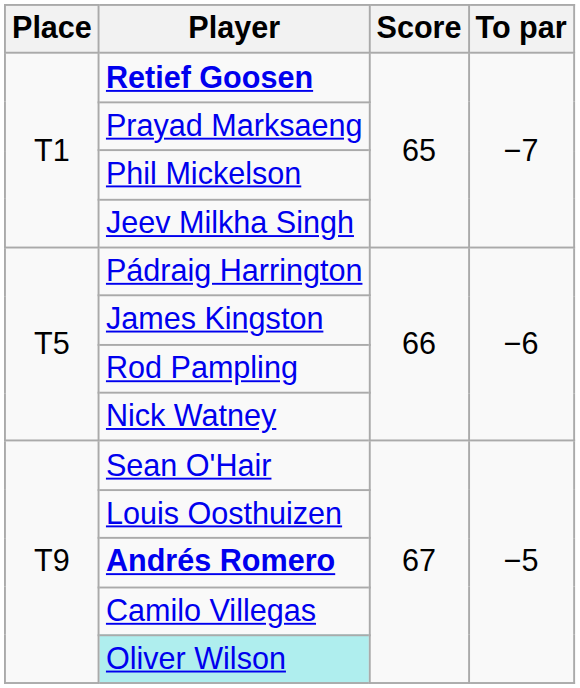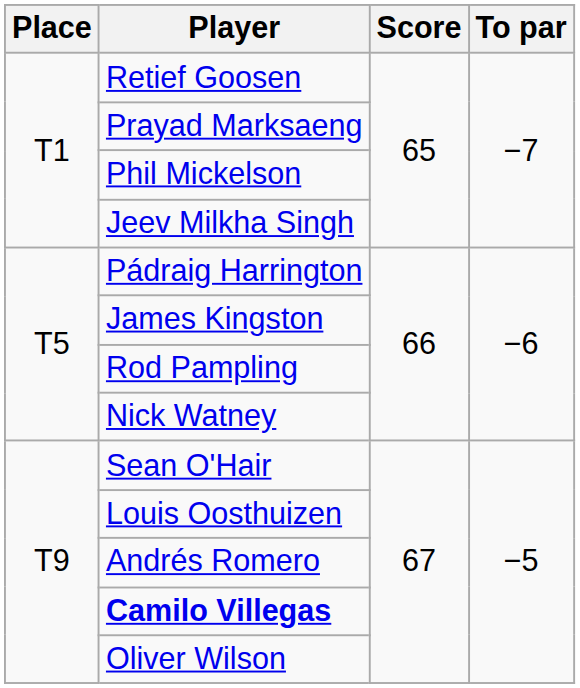 <table class="wikitable">
 <tr>
 <th>Place</th>
 <th>Player</th>
 <th>Score</th>
 <th>To par</th>
 </tr>
 <tr>
 <td rowspan="4" align=center>T1</td>
-<td><strong> <a href='#'>Retief Goosen</a></strong></td>
+<td> <a href='#'>Retief Goosen</a></td>
 <td rowspan="4" align=center>65</td>
 <td rowspan="4" align=center>−7</td>
 </tr>
 <tr>
 <td> <a href='#'>Prayad Marksaeng</a></td>
 </tr>
 <tr>
 <td> <a href='#'>Phil Mickelson</a></td>
 </tr>
 <tr>
 <td> <a href='#'>Jeev Milkha Singh</a></td>
 </tr>
 <tr>
 <td rowspan="4" align=center>T5</td>
 <td> <a href='#'>Pádraig Harrington</a></td>
 <td rowspan="4" align=center>66</td>
 <td rowspan="4" align=center>−6</td>
 </tr>
 <tr>
 <td> <a href='#'>James Kingston</a></td>
 </tr>
 <tr>
 <td> <a href='#'>Rod Pampling</a></td>
 </tr>
 <tr>
 <td> <a href='#'>Nick Watney</a></td>
 </tr>
 <tr>
 <td rowspan="5" align=center>T9</td>
 <td> <a href='#'>Sean O'Hair</a></td>
 <td rowspan="5" align=center>67</td>
 <td rowspan="5" align=center>−5</td>
 </tr>
 <tr>
 <td> <a href='#'>Louis Oosthuizen</a></td>
 </tr>
 <tr>
-<td><strong> <a href='#'>Andrés Romero</a></strong></td>
+<td> <a href='#'>Andrés Romero</a></td>
 </tr>
 <tr>
-<td> <a href='#'>Camilo Villegas</a></td>
+<td><strong> <a href='#'>Camilo Villegas</a></strong></td>
 </tr>
 <tr>
-<td style="background: paleturquoise;"> <a href='#'>Oliver Wilson</a></td>
+<td> <a href='#'>Oliver Wilson</a></td>
 </tr>
 </table>
